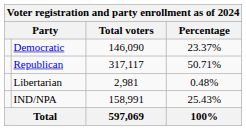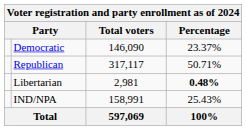 <table class=wikitable>
 <tr>
 <th colspan = 6>Voter registration and party enrollment as of 2024</th>
 </tr>
 <tr>
 <th colspan = 2>Party</th>
 <th>Total voters</th>
 <th>Percentage</th>
 </tr>
 <tr>
 <td></td>
 <td><a href='#'>Democratic</a></td>
 <td align=center>146,090</td>
 <td align=center>23.37%</td>
 </tr>
 <tr>
 <td></td>
 <td><a href='#'>Republican</a></td>
 <td align=center>317,117</td>
 <td align=center>50.71%</td>
 </tr>
 <tr>
 <td></td>
 <td>Libertarian</td>
 <td align=center>2,981</td>
-<td align=center>0.48%</td>
+<td align=center><strong>0.48%</strong></td>
 </tr>
 <tr>
 <td></td>
 <td>IND/NPA</td>
 <td align=center>158,991</td>
 <td align=center>25.43%</td>
 </tr>
 <tr>
 <th colspan = 2>Total</th>
 <th align=right>597,069</th>
 <th align=right>100%</th>
 </tr>
 </table>
